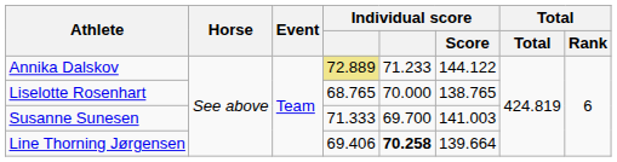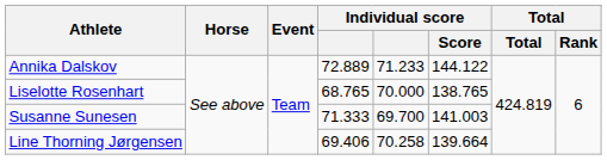 <table class=wikitable style="font-size:90%">
 <tr>
 <th rowspan=2>Athlete</th>
 <th rowspan=2>Horse</th>
 <th rowspan=2>Event</th>
 <th colspan=3>Individual score</th>
 <th colspan=2>Total</th>
 </tr>
 <tr>
 <th></th>
 <th></th>
 <th>Score</th>
 <th>Total</th>
 <th>Rank</th>
 </tr>
 <tr align=center>
 <td align=left><a href='#'>Annika Dalskov</a></td>
 <td align=left rowspan=4><em>See above</em></td>
 <td align=left rowspan=4><a href='#'>Team</a></td>
-<td style="background: khaki;">72.889</td>
+<td>72.889</td>
 <td>71.233</td>
 <td>144.122</td>
 <td rowspan=4>424.819</td>
 <td rowspan=4>6</td>
 </tr>
 <tr align=center>
 <td align=left><a href='#'>Liselotte Rosenhart</a></td>
 <td>68.765</td>
 <td>70.000</td>
 <td>138.765</td>
 </tr>
 <tr align=center>
 <td align=left><a href='#'>Susanne Sunesen</a></td>
 <td>71.333</td>
 <td>69.700</td>
 <td>141.003</td>
 </tr>
 <tr align=center>
 <td align=left><a href='#'>Line Thorning Jørgensen</a></td>
 <td>69.406</td>
-<td><strong>70.258</strong></td>
+<td>70.258</td>
 <td>139.664</td>
 </tr>
 </table>
